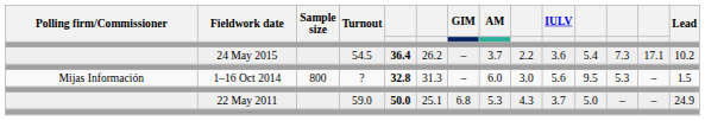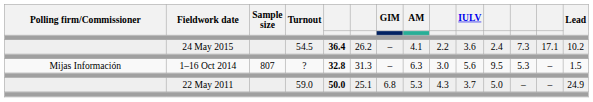 <table class="wikitable collapsible collapsed" style="text-align:center; font-size:95%; line-height:16px;">
 <tr style="height:42px;">
 <th style="width:250px;" rowspan="2">Polling firm/Commissioner</th>
 <th style="width:125px;" rowspan="2">Fieldwork date</th>
 <th style="width:50px;" rowspan="2">Sample size</th>
 <th style="width:45px;" rowspan="2">Turnout</th>
 <th style="width:35px;"></th>
 <th style="width:35px;"></th>
 <th style="width:35px;">GIM</th>
 <th style="width:35px;">AM</th>
 <th style="width:35px;"></th>
 <th style="width:35px;"><a href='#'>IULV</a></th>
 <th style="width:35px;"></th>
 <th style="width:35px;"></th>
 <th style="width:35px;"></th>
 <th style="width:30px;" rowspan="2">Lead</th>
 </tr>
 <tr>
 <th style="color:inherit;background:"></th>
 <th style="color:inherit;background:"></th>
 <th style="color:inherit;background:#022262;"></th>
 <th style="color:inherit;background:#27AF97;"></th>
 <th style="color:inherit;background:"></th>
 <th style="color:inherit;background:"></th>
 <th style="color:inherit;background:"></th>
 <th style="color:inherit;background:"></th>
 <th style="color:inherit;background:"></th>
 </tr>
 <tr>
 <td colspan="14" style="background:#A0A0A0"></td>
 </tr>
 <tr style="background:#EFEFEF;">
 <td><strong></strong></td>
 <td>24 May 2015</td>
 <td></td>
 <td>54.5</td>
 <td><strong>36.4</strong><br></td>
 <td>26.2<br></td>
 <td>–</td>
-<td>3.7<br></td>
+<td>4.1<br></td>
 <td>2.2<br></td>
 <td>3.6<br></td>
-<td>5.4<br></td>
+<td>2.4<br></td>
 <td>7.3<br></td>
 <td>17.1<br></td>
 <td style="background:">10.2</td>
 </tr>
 <tr>
 <td colspan="14" style="background:#A0A0A0"></td>
 </tr>
 <tr>
 <td>Mijas Información</td>
 <td>1–16 Oct 2014</td>
-<td>800</td>
+<td>807</td>
 <td>?</td>
 <td><strong>32.8</strong><br></td>
 <td>31.3<br></td>
 <td>–</td>
-<td>6.0<br></td>
+<td>6.3<br></td>
 <td>3.0<br></td>
 <td>5.6<br></td>
 <td>9.5<br></td>
 <td>5.3<br></td>
 <td>–</td>
 <td style="background:">1.5</td>
 </tr>
 <tr>
 <td colspan="14" style="background:#A0A0A0"></td>
 </tr>
 <tr style="background:#EFEFEF;">
 <td><strong></strong></td>
 <td>22 May 2011</td>
 <td></td>
 <td>59.0</td>
 <td><strong>50.0</strong><br></td>
 <td>25.1<br></td>
 <td>6.8<br></td>
 <td>5.3<br></td>
 <td>4.3<br></td>
 <td>3.7<br></td>
 <td>5.0<br></td>
 <td>–</td>
 <td>–</td>
 <td style="background:">24.9</td>
 </tr>
 <tr>
 <td colspan="14" style="background:#A0A0A0"></td>
 </tr>
 </table>
